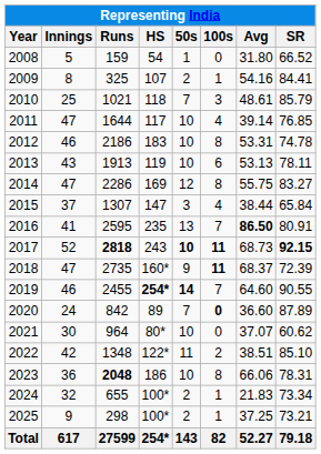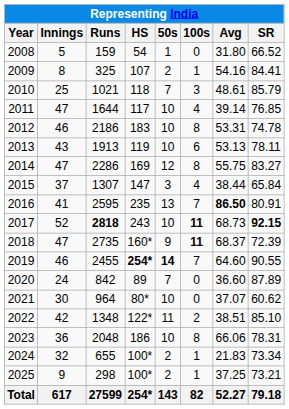 <table class="wikitable" style="text-align:center;">
 <tr>
 <th colspan=11 style="background:#0889E6; color:#FFFFFF">Representing <a href='#'><span>India</span></a></th>
 </tr>
 <tr>
 <th>Year</th>
 <th>Innings</th>
 <th>Runs</th>
 <th>HS</th>
 <th>50s</th>
 <th>100s</th>
 <th>Avg</th>
 <th>SR</th>
 </tr>
 <tr>
 <td>2008</td>
 <td>5</td>
 <td>159</td>
 <td>54</td>
 <td>1</td>
 <td>0</td>
 <td>31.80</td>
 <td>66.52</td>
 </tr>
 <tr>
 <td>2009</td>
 <td>8</td>
 <td>325</td>
 <td>107</td>
 <td>2</td>
 <td>1</td>
 <td>54.16</td>
 <td>84.41</td>
 </tr>
 <tr>
 <td>2010</td>
 <td>25</td>
 <td>1021</td>
 <td>118</td>
 <td>7</td>
 <td>3</td>
 <td>48.61</td>
 <td>85.79</td>
 </tr>
 <tr>
 <td>2011</td>
 <td>47</td>
 <td>1644</td>
 <td>117</td>
 <td>10</td>
 <td>4</td>
 <td>39.14</td>
 <td>76.85</td>
 </tr>
 <tr>
 <td>2012</td>
 <td>46</td>
 <td>2186</td>
 <td>183</td>
 <td>10</td>
 <td>8</td>
 <td>53.31</td>
 <td>74.78</td>
 </tr>
 <tr>
 <td>2013</td>
 <td>43</td>
 <td>1913</td>
 <td>119</td>
 <td>10</td>
 <td>6</td>
 <td>53.13</td>
 <td>78.11</td>
 </tr>
 <tr>
 <td>2014</td>
 <td>47</td>
 <td>2286</td>
 <td>169</td>
 <td>12</td>
 <td>8</td>
 <td>55.75</td>
 <td>83.27</td>
 </tr>
 <tr>
 <td>2015</td>
 <td>37</td>
 <td>1307</td>
 <td>147</td>
 <td>3</td>
 <td>4</td>
 <td>38.44</td>
 <td>65.84</td>
 </tr>
 <tr>
 <td>2016</td>
 <td>41</td>
 <td>2595</td>
 <td>235</td>
 <td>13</td>
 <td>7</td>
 <td><strong>86.50</strong></td>
 <td>80.91</td>
 </tr>
 <tr>
 <td>2017</td>
 <td>52</td>
 <td><strong>2818</strong></td>
 <td>243</td>
-<td><strong>10</strong></td>
+<td>10</td>
 <td><strong>11</strong></td>
 <td>68.73</td>
 <td><strong>92.15</strong></td>
 </tr>
 <tr>
 <td>2018</td>
 <td>47</td>
 <td>2735</td>
 <td>160*</td>
 <td>9</td>
 <td><strong>11</strong></td>
 <td>68.37</td>
 <td>72.39</td>
 </tr>
 <tr>
 <td>2019</td>
 <td>46</td>
 <td>2455</td>
 <td><strong>254*</strong></td>
 <td><strong>14</strong></td>
 <td>7</td>
 <td>64.60</td>
 <td>90.55</td>
 </tr>
 <tr>
 <td>2020</td>
 <td>24</td>
 <td>842</td>
 <td>89</td>
 <td>7</td>
-<td><strong>0</strong></td>
+<td>0</td>
 <td>36.60</td>
 <td>87.89</td>
 </tr>
 <tr>
 <td>2021</td>
 <td>30</td>
 <td>964</td>
 <td>80*</td>
 <td>10</td>
 <td>0</td>
 <td>37.07</td>
 <td>60.62</td>
 </tr>
 <tr>
 <td>2022</td>
 <td>42</td>
 <td>1348</td>
 <td>122*</td>
 <td>11</td>
 <td>2</td>
 <td>38.51</td>
 <td>85.10</td>
 </tr>
 <tr>
 <td>2023</td>
 <td>36</td>
-<td><strong>2048</strong></td>
+<td>2048</td>
 <td>186</td>
 <td>10</td>
 <td>8</td>
 <td>66.06</td>
 <td>78.31</td>
 </tr>
 <tr>
 <td>2024</td>
 <td>32</td>
 <td>655</td>
 <td>100*</td>
 <td>2</td>
 <td>1</td>
 <td>21.83</td>
 <td>73.34</td>
 </tr>
 <tr>
 <td>2025</td>
 <td>9</td>
 <td>298</td>
 <td>100*</td>
 <td>2</td>
 <td>1</td>
 <td>37.25</td>
 <td>73.21</td>
 </tr>
 <tr>
 <th>Total</th>
 <th>617</th>
 <th>27599</th>
 <th>254*</th>
 <th>143</th>
 <th>82</th>
 <th>52.27</th>
 <th>79.18</th>
 </tr>
 </table>
